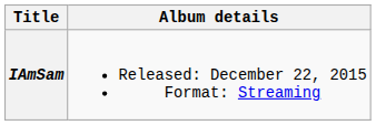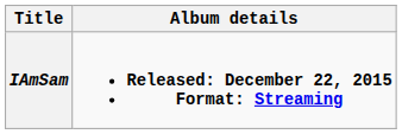 <table class="wikitable plainrowheaders" style="text-align:center;" border="1">
 <tr>
 <th scope="col">Title</th>
 <th scope="col">Album details</th>
 </tr>
 <tr>
 <th scope="row"><em>IAmSam</em></th>
-<td><br><ul><li>Released: December 22, 2015</li><li>Format: <a href='#'>Streaming</a></li></ul></td>
+<td><strong><br><ul><li>Released: December 22, 2015</li><li>Format: <a href='#'>Streaming</a></li></ul></strong></td>
 </tr>
 </table>
